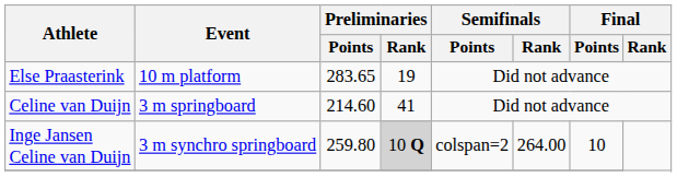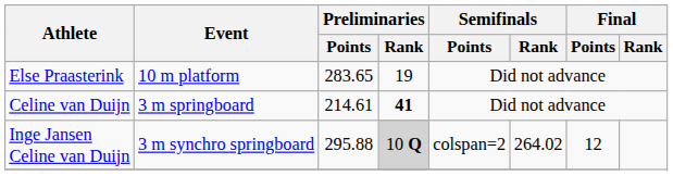 <table class="wikitable" style="text-align:center; font-size:90%; ">
 <tr>
 <th rowspan=2>Athlete</th>
 <th rowspan=2>Event</th>
 <th colspan=2>Preliminaries</th>
 <th colspan=2>Semifinals</th>
 <th colspan=2>Final</th>
 </tr>
 <tr style="font-size:95%">
 <th>Points</th>
 <th>Rank</th>
 <th>Points</th>
 <th>Rank</th>
 <th>Points</th>
 <th>Rank</th>
 </tr>
 <tr>
 <td align=left><a href='#'>Else Praasterink</a></td>
 <td align=left><a href='#'>10 m platform</a></td>
 <td>283.65</td>
 <td>19</td>
 <td colspan=4>Did not advance</td>
 </tr>
 <tr>
 <td align=left><a href='#'>Celine van Duijn</a></td>
 <td align=left><a href='#'>3 m springboard</a></td>
-<td>214.60</td>
-<td>41</td>
+<td>214.61</td>
+<td><strong>41</strong></td>
 <td colspan=4>Did not advance</td>
 </tr>
 <tr>
 <td align=left><a href='#'>Inge Jansen</a> <br> <a href='#'>Celine van Duijn</a></td>
 <td align=left><a href='#'>3 m synchro springboard</a></td>
-<td>259.80</td>
+<td>295.88</td>
 <td style="background: lightgrey;">10 <strong>Q</strong></td>
 <td>colspan=2 </td>
-<td>264.00</td>
-<td>10</td>
+<td>264.02</td>
+<td>12</td>
 </tr>
 <tr>
 </tr>
 </table>
